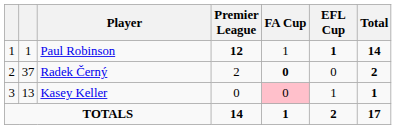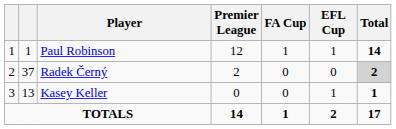 <table class="wikitable sortable" style="font-size: 95%; text-align: center;">
 <tr>
 <th width=10></th>
 <th width=10></th>
 <th width=200>Player</th>
 <th width=50>Premier League</th>
 <th width=50>FA Cup</th>
 <th width=50>EFL Cup</th>
 <th>Total</th>
 </tr>
 <tr>
 <td>1</td>
 <td>1</td>
 <td align="left"> <a href='#'>Paul Robinson</a></td>
-<td><strong>12</strong></td>
+<td>12</td>
 <td>1</td>
-<td><strong>1</strong></td>
+<td>1</td>
 <td><strong>14</strong></td>
 </tr>
 <tr>
 <td>2</td>
 <td>37</td>
 <td align="left"> <a href='#'>Radek Černý</a></td>
 <td>2</td>
-<td><strong>0</strong></td>
 <td>0</td>
-<td><strong>2</strong></td>
+<td>0</td>
+<td style="background: lightgrey;"><strong>2</strong></td>
 </tr>
 <tr>
 <td>3</td>
 <td>13</td>
 <td align="left"> <a href='#'>Kasey Keller</a></td>
 <td>0</td>
-<td style="background: pink;">0</td>
+<td>0</td>
 <td>1</td>
 <td><strong>1</strong></td>
 </tr>
 <tr>
 <td colspan="3"><strong>TOTALS</strong></td>
 <td><strong>14</strong></td>
 <td><strong>1</strong></td>
 <td><strong>2</strong></td>
 <td><strong>17</strong></td>
 </tr>
 </table>
